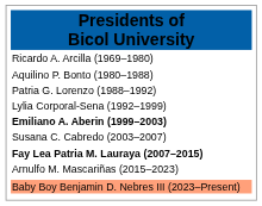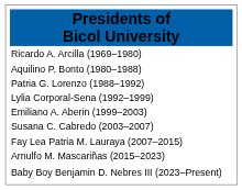 <table style="float:right; margin:1em 1em 1em 1em; width:15em; border: 1px solid #a0a0a0; padding: 2px; bg-color=yellow; text-align:right;">
 <tr style="background:#0260a8; text-align:center;">
 <td><span><strong>Presidents of <br>Bicol University</strong></span></td>
 </tr>
 <tr style="text-align:left; font-size:x-small;">
 <td>Ricardo A. Arcilla (1969–1980)</td>
 </tr>
 <tr style="text-align:left; font-size:x-small;">
 <td>Aquilino P. Bonto (1980–1988)</td>
 </tr>
 <tr style="text-align:left; font-size:x-small;">
 <td>Patria G. Lorenzo (1988–1992)</td>
 </tr>
 <tr style="text-align:left; font-size:x-small;">
 <td>Lylia Corporal-Sena (1992–1999)</td>
 </tr>
 <tr style="text-align:left; font-size:x-small;">
-<td><strong>Emiliano A. Aberin (1999–2003)</strong></td>
+<td>Emiliano A. Aberin (1999–2003)</td>
 </tr>
 <tr style="text-align:left; font-size:x-small;">
 <td>Susana C. Cabredo (2003–2007)</td>
 </tr>
 <tr style="text-align:left; font-size:x-small;">
-<td><strong>Fay Lea Patria M. Lauraya (2007–2015)</strong></td>
+<td>Fay Lea Patria M. Lauraya (2007–2015)</td>
 </tr>
 <tr style="text-align:left; font-size:x-small;">
 <td>Arnulfo M. Mascariñas (2015–2023)</td>
 </tr>
 <tr>
 </tr>
 <tr style="text-align:left; font-size:x-small;">
-<td style="background: lightsalmon;">Baby Boy Benjamin D. Nebres III (2023–Present)</td>
+<td>Baby Boy Benjamin D. Nebres III (2023–Present)</td>
 </tr>
 <tr style="text-align:left; font-size:x-small;">
 </tr>
 </table>
